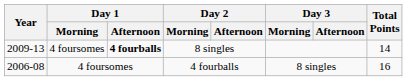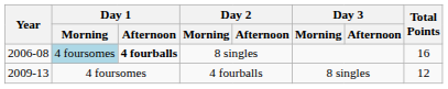 <table class="wikitable" style="text-align:center;">
 <tr>
 <th rowspan=2>Year</th>
 <th colspan=2>Day 1</th>
 <th colspan=2>Day 2</th>
 <th colspan=2>Day 3</th>
 <th rowspan=2>Total<br>Points</th>
 </tr>
 <tr>
 <th>Morning</th>
 <th>Afternoon</th>
 <th>Morning</th>
 <th>Afternoon</th>
 <th>Morning</th>
 <th>Afternoon</th>
 </tr>
 <tr>
-<td>2009-13</td>
-<td>4 foursomes</td>
+<td>2006-08</td>
+<td style="background: lightblue;">4 foursomes</td>
 <td><strong>4 fourballs</strong></td>
 <td colspan=2>8 singles</td>
 <td colspan=2></td>
-<td>14</td>
+<td>16</td>
 </tr>
 <tr>
-<td>2006-08</td>
+<td>2009-13</td>
 <td colspan=2>4 foursomes</td>
 <td colspan=2>4 fourballs</td>
 <td colspan=2>8 singles</td>
-<td>16</td>
+<td>12</td>
 </tr>
 </table>
